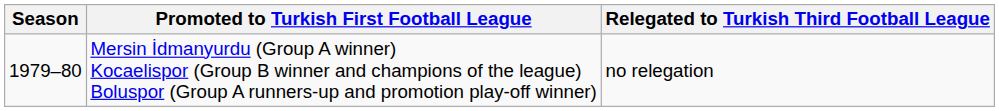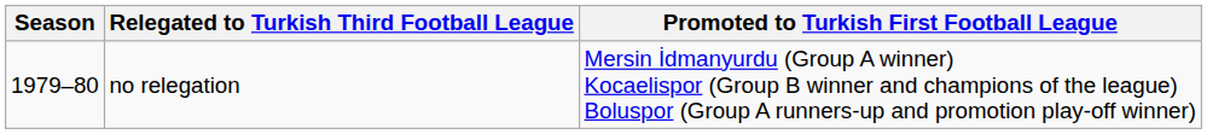 <table class="wikitable">
 <tr>
 <th>Season</th>
+<th>Relegated to <a href='#'>Turkish Third Football League</a></th>
 <th>Promoted to <a href='#'>Turkish First Football League</a></th>
-<th>Relegated to <a href='#'>Turkish Third Football League</a></th>
 </tr>
 <tr>
 <td>1979–80</td>
+<td>no relegation</td>
 <td><a href='#'>Mersin İdmanyurdu</a> (Group A winner)<br><a href='#'>Kocaelispor</a> (Group B winner and champions of the league)<br><a href='#'>Boluspor</a> (Group A runners-up and promotion play-off winner)</td>
-<td>no relegation</td>
 </tr>
 </table>
